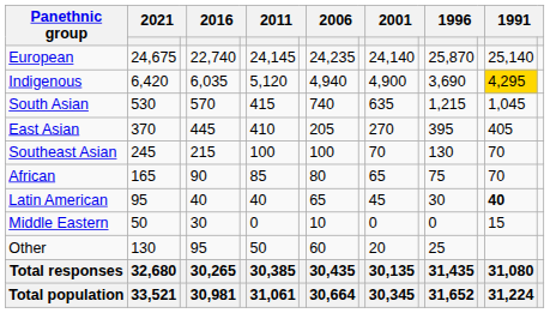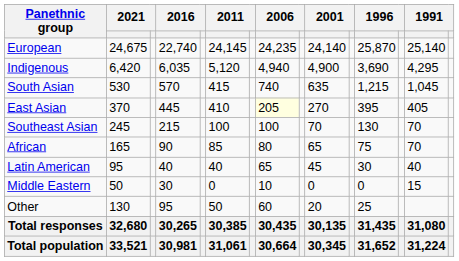 <table class="wikitable collapsible sortable">
 <tr>
 <th rowspan="2"><a href='#'>Panethnic</a><br>group</th>
 <th colspan="2">2021</th>
 <th colspan="2">2016</th>
 <th colspan="2">2011</th>
 <th colspan="2">2006</th>
 <th colspan="2">2001</th>
 <th colspan="2">1996</th>
 <th colspan="2">1991</th>
 </tr>
 <tr>
 <th><a href='#'></a></th>
 <th></th>
 <th></th>
 <th></th>
 <th></th>
 <th></th>
 <th></th>
 <th></th>
 <th></th>
 <th></th>
 <th></th>
 <th></th>
 <th></th>
 <th></th>
 </tr>
 <tr>
 <td><a href='#'>European</a></td>
 <td>24,675</td>
 <td></td>
 <td>22,740</td>
 <td></td>
 <td>24,145</td>
 <td></td>
 <td>24,235</td>
 <td></td>
 <td>24,140</td>
 <td></td>
 <td>25,870</td>
 <td></td>
 <td>25,140</td>
 <td></td>
 </tr>
 <tr>
 <td><a href='#'>Indigenous</a></td>
 <td>6,420</td>
 <td></td>
 <td>6,035</td>
 <td></td>
 <td>5,120</td>
 <td></td>
 <td>4,940</td>
 <td></td>
 <td>4,900</td>
 <td></td>
 <td>3,690</td>
 <td></td>
-<td style="background: gold;">4,295</td>
+<td>4,295</td>
 <td></td>
 </tr>
 <tr>
 <td><a href='#'>South Asian</a></td>
 <td>530</td>
 <td></td>
 <td>570</td>
 <td></td>
 <td>415</td>
 <td></td>
 <td>740</td>
 <td></td>
 <td>635</td>
 <td></td>
 <td>1,215</td>
 <td></td>
 <td>1,045</td>
 <td></td>
 </tr>
 <tr>
 <td><a href='#'>East Asian</a></td>
 <td>370</td>
 <td></td>
 <td>445</td>
 <td></td>
 <td>410</td>
 <td></td>
-<td>205</td>
+<td style="background: lightyellow;">205</td>
 <td></td>
 <td>270</td>
 <td></td>
 <td>395</td>
 <td></td>
 <td>405</td>
 <td></td>
 </tr>
 <tr>
 <td><a href='#'>Southeast Asian</a></td>
 <td>245</td>
 <td></td>
 <td>215</td>
 <td></td>
 <td>100</td>
 <td></td>
 <td>100</td>
 <td></td>
 <td>70</td>
 <td></td>
 <td>130</td>
 <td></td>
 <td>70</td>
 <td></td>
 </tr>
 <tr>
 <td><a href='#'>African</a></td>
 <td>165</td>
 <td></td>
 <td>90</td>
 <td></td>
 <td>85</td>
 <td></td>
 <td>80</td>
 <td></td>
 <td>65</td>
 <td></td>
 <td>75</td>
 <td></td>
 <td>70</td>
 <td></td>
 </tr>
 <tr>
 <td><a href='#'>Latin American</a></td>
 <td>95</td>
 <td></td>
 <td>40</td>
 <td></td>
 <td>40</td>
 <td></td>
 <td>65</td>
 <td></td>
 <td>45</td>
 <td></td>
 <td>30</td>
 <td></td>
-<td><strong>40</strong></td>
+<td>40</td>
 <td></td>
 </tr>
 <tr>
 <td><a href='#'>Middle Eastern</a></td>
 <td>50</td>
 <td></td>
 <td>30</td>
 <td></td>
 <td>0</td>
 <td></td>
 <td>10</td>
 <td></td>
 <td>0</td>
 <td></td>
 <td>0</td>
 <td></td>
 <td>15</td>
 <td></td>
 </tr>
 <tr>
 <td>Other</td>
 <td>130</td>
 <td></td>
 <td>95</td>
 <td></td>
 <td>50</td>
 <td></td>
 <td>60</td>
 <td></td>
 <td>20</td>
 <td></td>
 <td>25</td>
 <td></td>
 <td></td>
 <td></td>
 </tr>
 <tr>
 <th>Total responses</th>
 <th>32,680</th>
 <th></th>
 <th>30,265</th>
 <th></th>
 <th>30,385</th>
 <th></th>
 <th>30,435</th>
 <th></th>
 <th>30,135</th>
 <th></th>
 <th>31,435</th>
 <th></th>
 <th>31,080</th>
 <th></th>
 </tr>
 <tr>
 <th>Total population</th>
 <th>33,521</th>
 <th></th>
 <th>30,981</th>
 <th></th>
 <th>31,061</th>
 <th></th>
 <th>30,664</th>
 <th></th>
 <th>30,345</th>
 <th></th>
 <th>31,652</th>
 <th></th>
 <th>31,224</th>
 <th></th>
 </tr>
 </table>
